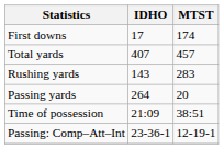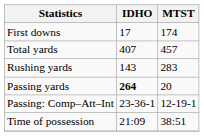 <table class="wikitable" style="float: left;">
 <tr>
 <th>Statistics</th>
 <th>IDHO</th>
 <th>MTST</th>
 </tr>
 <tr>
 <td>First downs</td>
 <td>17</td>
 <td>174</td>
 </tr>
 <tr>
 <td>Total yards</td>
 <td>407</td>
 <td>457</td>
 </tr>
 <tr>
 <td>Rushing yards</td>
 <td>143</td>
 <td>283</td>
 </tr>
 <tr>
 <td>Passing yards</td>
-<td>264</td>
+<td><strong>264</strong></td>
 <td>20</td>
+</tr>
+<tr>
+<td>Passing: Comp–Att–Int</td>
+<td>23-36-1</td>
+<td>12-19-1</td>
 </tr>
 <tr>
 <td>Time of possession</td>
 <td>21:09</td>
 <td>38:51</td>
 </tr>
 <tr>
-<td>Passing: Comp–Att–Int</td>
-<td>23-36-1</td>
-<td>12-19-1</td>
-</tr>
-<tr>
 </tr>
 </table>
